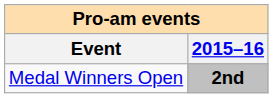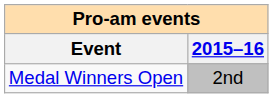 <table class="wikitable" style="text-align:center">
 <tr>
 <th style="background-color: #ffdead; " colspan=2 align=center>Pro-am events</th>
 </tr>
 <tr>
 <th>Event</th>
 <th><a href='#'>2015–16</a></th>
 </tr>
 <tr>
 <td align=left><a href='#'>Medal Winners Open</a></td>
-<td bgcolor=silver><strong>2nd</strong></td>
+<td bgcolor=silver>2nd</td>
 </tr>
 </table>
